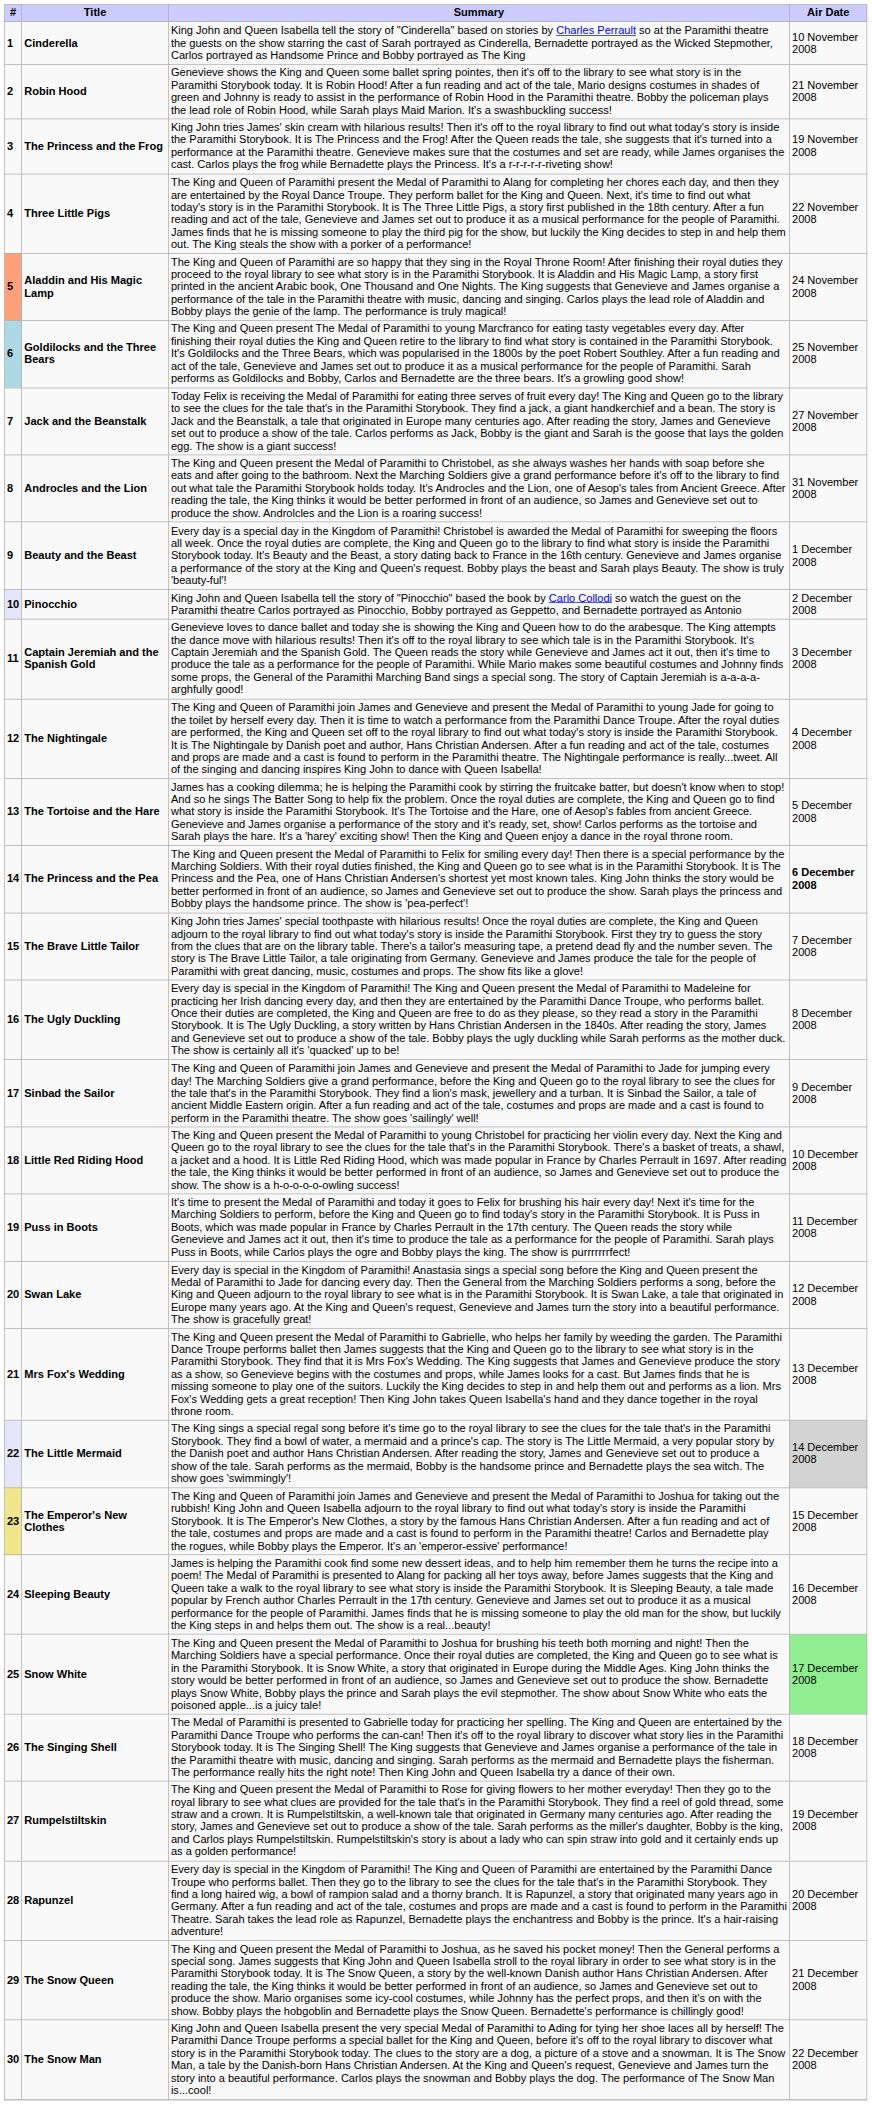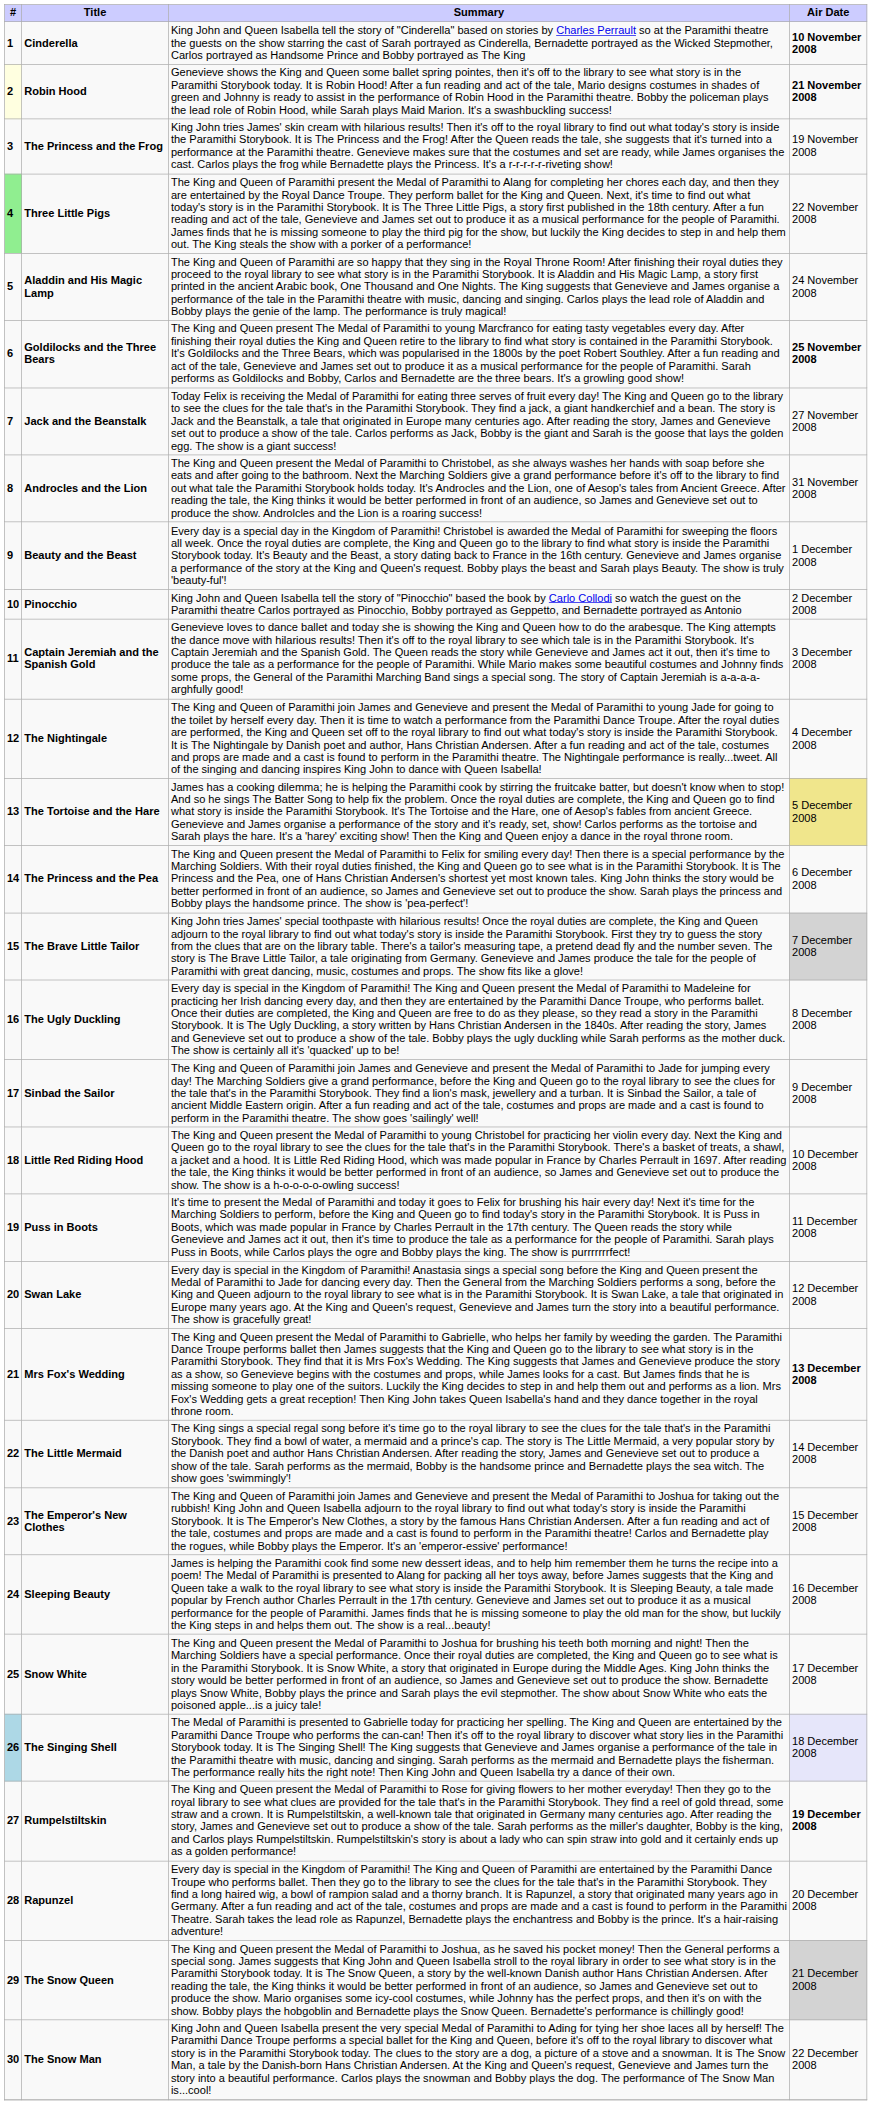 <table class="wikitable" style="width:99%;">
 <tr>
 <th style="background:#ccf; width:2%;"><strong>#</strong></th>
 <th style="background:#ccf; width:17%;"><strong>Title</strong></th>
 <th style="background:#ccf;"><strong>Summary</strong></th>
 <th style="background:#ccf; width:9%;"><strong>Air Date</strong></th>
 </tr>
 <tr>
 <td><strong>1</strong></td>
 <td><strong>Cinderella</strong></td>
 <td>King John and Queen Isabella tell the story of "Cinderella" based on stories by <a href='#'>Charles Perrault</a> so at the Paramithi theatre the guests on the show starring the cast of Sarah portrayed as Cinderella, Bernadette portrayed as the Wicked Stepmother, Carlos portrayed as Handsome Prince and Bobby portrayed as The King</td>
-<td>10 November 2008</td>
+<td><strong>10 November 2008</strong></td>
 </tr>
 <tr>
-<td><strong>2</strong></td>
+<td style="background: lightyellow;"><strong>2</strong></td>
 <td><strong>Robin Hood</strong></td>
 <td>Genevieve shows the King and Queen some ballet spring pointes, then it's off to the library to see what story is in the Paramithi Storybook today. It is Robin Hood! After a fun reading and act of the tale, Mario designs costumes in shades of green and Johnny is ready to assist in the performance of Robin Hood in the Paramithi theatre. Bobby the policeman plays the lead role of Robin Hood, while Sarah plays Maid Marion. It's a swashbuckling success!</td>
-<td>21 November 2008</td>
+<td><strong>21 November 2008</strong></td>
 </tr>
 <tr>
 <td><strong>3</strong></td>
 <td><strong>The Princess and the Frog</strong></td>
 <td>King John tries James' skin cream with hilarious results! Then it's off to the royal library to find out what today's story is inside the Paramithi Storybook. It is The Princess and the Frog! After the Queen reads the tale, she suggests that it's turned into a performance at the Paramithi theatre. Genevieve makes sure that the costumes and set are ready, while James organises the cast. Carlos plays the frog while Bernadette plays the Princess. It's a r‐r‐r‐r‐r‐riveting show!</td>
 <td>19 November 2008</td>
 </tr>
 <tr>
-<td><strong>4</strong></td>
+<td style="background: lightgreen;"><strong>4</strong></td>
 <td><strong>Three Little Pigs</strong></td>
 <td>The King and Queen of Paramithi present the Medal of Paramithi to Alang for completing her chores each day, and then they are entertained by the Royal Dance Troupe. They perform ballet for the King and Queen. Next, it's time to find out what today's story is in the Paramithi Storybook. It is The Three Little Pigs, a story first published in the 18th century. After a fun reading and act of the tale, Genevieve and James set out to produce it as a musical performance for the people of Paramithi. James finds that he is missing someone to play the third pig for the show, but luckily the King decides to step in and help them out. The King steals the show with a porker of a performance!</td>
 <td>22 November 2008</td>
 </tr>
 <tr>
-<td style="background: lightsalmon;"><strong>5</strong></td>
+<td><strong>5</strong></td>
 <td><strong>Aladdin and His Magic Lamp</strong></td>
 <td>The King and Queen of Paramithi are so happy that they sing in the Royal Throne Room! After finishing their royal duties they proceed to the royal library to see what story is in the Paramithi Storybook. It is Aladdin and His Magic Lamp, a story first printed in the ancient Arabic book, One Thousand and One Nights. The King suggests that Genevieve and James organise a performance of the tale in the Paramithi theatre with music, dancing and singing. Carlos plays the lead role of Aladdin and Bobby plays the genie of the lamp. The performance is truly magical!</td>
 <td>24 November 2008</td>
 </tr>
 <tr>
-<td style="background: lightblue;"><strong>6</strong></td>
+<td><strong>6</strong></td>
 <td><strong>Goldilocks and the Three Bears</strong></td>
 <td>The King and Queen present The Medal of Paramithi to young Marcfranco for eating tasty vegetables every day. After finishing their royal duties the King and Queen retire to the library to find what story is contained in the Paramithi Storybook. It's Goldilocks and the Three Bears, which was popularised in the 1800s by the poet Robert Southley. After a fun reading and act of the tale, Genevieve and James set out to produce it as a musical performance for the people of Paramithi. Sarah performs as Goldilocks and Bobby, Carlos and Bernadette are the three bears. It's a growling good show!</td>
-<td>25 November 2008</td>
+<td><strong>25 November 2008</strong></td>
 </tr>
 <tr>
 <td><strong>7</strong></td>
 <td><strong>Jack and the Beanstalk</strong></td>
 <td>Today Felix is receiving the Medal of Paramithi for eating three serves of fruit every day! The King and Queen go to the library to see the clues for the tale that's in the Paramithi Storybook. They find a jack, a giant handkerchief and a bean. The story is Jack and the Beanstalk, a tale that originated in Europe many centuries ago. After reading the story, James and Genevieve set out to produce a show of the tale. Carlos performs as Jack, Bobby is the giant and Sarah is the goose that lays the golden egg. The show is a giant success!</td>
 <td>27 November 2008</td>
 </tr>
 <tr>
 <td><strong>8</strong></td>
 <td><strong>Androcles and the Lion</strong></td>
 <td>The King and Queen present the Medal of Paramithi to Christobel, as she always washes her hands with soap before she eats and after going to the bathroom. Next the Marching Soldiers give a grand performance before it's off to the library to find out what tale the Paramithi Storybook holds today. It's Androcles and the Lion, one of Aesop's tales from Ancient Greece. After reading the tale, the King thinks it would be better performed in front of an audience, so James and Genevieve set out to produce the show. Androlcles and the Lion is a roaring success!</td>
 <td>31 November 2008</td>
 </tr>
 <tr>
 <td><strong>9</strong></td>
 <td><strong>Beauty and the Beast</strong></td>
 <td>Every day is a special day in the Kingdom of Paramithi! Christobel is awarded the Medal of Paramithi for sweeping the floors all week. Once the royal duties are complete, the King and Queen go to the library to find what story is inside the Paramithi Storybook today. It's Beauty and the Beast, a story dating back to France in the 16th century. Genevieve and James organise a performance of the story at the King and Queen's request. Bobby plays the beast and Sarah plays Beauty. The show is truly 'beauty‐ful'!</td>
 <td>1 December 2008</td>
 </tr>
 <tr>
-<td style="background: lavender;"><strong>10</strong></td>
+<td><strong>10</strong></td>
 <td><strong>Pinocchio</strong></td>
 <td>King John and Queen Isabella tell the story of "Pinocchio" based the book by <a href='#'>Carlo Collodi</a> so watch the guest on the Paramithi theatre Carlos portrayed as Pinocchio, Bobby portrayed as Geppetto, and Bernadette portrayed as Antonio</td>
 <td>2 December 2008</td>
 </tr>
 <tr>
 <td><strong>11</strong></td>
 <td><strong>Captain Jeremiah and the Spanish Gold</strong></td>
 <td>Genevieve loves to dance ballet and today she is showing the King and Queen how to do the arabesque. The King attempts the dance move with hilarious results! Then it's off to the royal library to see which tale is in the Paramithi Storybook. It's Captain Jeremiah and the Spanish Gold. The Queen reads the story while Genevieve and James act it out, then it's time to produce the tale as a performance for the people of Paramithi. While Mario makes some beautiful costumes and Johnny finds some props, the General of the Paramithi Marching Band sings a special song. The story of Captain Jeremiah is a‐a‐a‐a‐arghfully good!</td>
 <td>3 December 2008</td>
 </tr>
 <tr>
 <td><strong>12</strong></td>
 <td><strong>The Nightingale</strong></td>
 <td>The King and Queen of Paramithi join James and Genevieve and present the Medal of Paramithi to young Jade for going to the toilet by herself every day. Then it is time to watch a performance from the Paramithi Dance Troupe. After the royal duties are performed, the King and Queen set off to the royal library to find out what today's story is inside the Paramithi Storybook. It is The Nightingale by Danish poet and author, Hans Christian Andersen. After a fun reading and act of the tale, costumes and props are made and a cast is found to perform in the Paramithi theatre. The Nightingale performance is really...tweet. All of the singing and dancing inspires King John to dance with Queen Isabella!</td>
 <td>4 December 2008</td>
 </tr>
 <tr>
 <td><strong>13</strong></td>
 <td><strong>The Tortoise and the Hare</strong></td>
 <td>James has a cooking dilemma; he is helping the Paramithi cook by stirring the fruitcake batter, but doesn't know when to stop! And so he sings The Batter Song to help fix the problem. Once the royal duties are complete, the King and Queen go to find what story is inside the Paramithi Storybook. It's The Tortoise and the Hare, one of Aesop's fables from ancient Greece. Genevieve and James organise a performance of the story and it's ready, set, show! Carlos performs as the tortoise and Sarah plays the hare. It's a 'harey' exciting show! Then the King and Queen enjoy a dance in the royal throne room.</td>
-<td>5 December 2008</td>
+<td style="background: khaki;">5 December 2008</td>
 </tr>
 <tr>
 <td><strong>14</strong></td>
 <td><strong>The Princess and the Pea</strong></td>
 <td>The King and Queen present the Medal of Paramithi to Felix for smiling every day! Then there is a special performance by the Marching Soldiers. With their royal duties finished, the King and Queen go to see what is in the Paramithi Storybook. It is The Princess and the Pea, one of Hans Christian Andersen's shortest yet most known tales. King John thinks the story would be better performed in front of an audience, so James and Genevieve set out to produce the show. Sarah plays the princess and Bobby plays the handsome prince. The show is 'pea‐perfect'!</td>
-<td><strong>6 December 2008</strong></td>
+<td>6 December 2008</td>
 </tr>
 <tr>
 <td><strong>15</strong></td>
 <td><strong>The Brave Little Tailor</strong></td>
 <td>King John tries James' special toothpaste with hilarious results! Once the royal duties are complete, the King and Queen adjourn to the royal library to find out what today's story is inside the Paramithi Storybook. First they try to guess the story from the clues that are on the library table. There's a tailor's measuring tape, a pretend dead fly and the number seven. The story is The Brave Little Tailor, a tale originating from Germany. Genevieve and James produce the tale for the people of Paramithi with great dancing, music, costumes and props. The show fits like a glove!</td>
-<td>7 December 2008</td>
+<td style="background: lightgrey;">7 December 2008</td>
 </tr>
 <tr>
 <td><strong>16</strong></td>
 <td><strong>The Ugly Duckling</strong></td>
 <td>Every day is special in the Kingdom of Paramithi! The King and Queen present the Medal of Paramithi to Madeleine for practicing her Irish dancing every day, and then they are entertained by the Paramithi Dance Troupe, who performs ballet. Once their duties are completed, the King and Queen are free to do as they please, so they read a story in the Paramithi Storybook. It is The Ugly Duckling, a story written by Hans Christian Andersen in the 1840s. After reading the story, James and Genevieve set out to produce a show of the tale. Bobby plays the ugly duckling while Sarah performs as the mother duck. The show is certainly all it's 'quacked' up to be!</td>
 <td>8 December 2008</td>
 </tr>
 <tr>
 <td><strong>17</strong></td>
 <td><strong>Sinbad the Sailor</strong></td>
 <td>The King and Queen of Paramithi join James and Genevieve and present the Medal of Paramithi to Jade for jumping every day! The Marching Soldiers give a grand performance, before the King and Queen go to the royal library to see the clues for the tale that's in the Paramithi Storybook. They find a lion's mask, jewellery and a turban. It is Sinbad the Sailor, a tale of ancient Middle Eastern origin. After a fun reading and act of the tale, costumes and props are made and a cast is found to perform in the Paramithi theatre. The show goes 'sailingly' well!</td>
 <td>9 December 2008</td>
 </tr>
 <tr>
 <td><strong>18</strong></td>
 <td><strong>Little Red Riding Hood</strong></td>
 <td>The King and Queen present the Medal of Paramithi to young Christobel for practicing her violin every day. Next the King and Queen go to the royal library to see the clues for the tale that's in the Paramithi Storybook. There's a basket of treats, a shawl, a jacket and a hood. It is Little Red Riding Hood, which was made popular in France by Charles Perrault in 1697. After reading the tale, the King thinks it would be better performed in front of an audience, so James and Genevieve set out to produce the show. The show is a h‐o‐o‐o‐o‐owling success!</td>
 <td>10 December 2008</td>
 </tr>
 <tr>
 <td><strong>19</strong></td>
 <td><strong>Puss in Boots</strong></td>
 <td>It's time to present the Medal of Paramithi and today it goes to Felix for brushing his hair every day! Next it's time for the Marching Soldiers to perform, before the King and Queen go to find today's story in the Paramithi Storybook. It is Puss in Boots, which was made popular in France by Charles Perrault in the 17th century. The Queen reads the story while Genevieve and James act it out, then it's time to produce the tale as a performance for the people of Paramithi. Sarah plays Puss in Boots, while Carlos plays the ogre and Bobby plays the king. The show is purrrrrrrfect!</td>
 <td>11 December 2008</td>
 </tr>
 <tr>
 <td><strong>20</strong></td>
 <td><strong>Swan Lake</strong></td>
 <td>Every day is special in the Kingdom of Paramithi! Anastasia sings a special song before the King and Queen present the Medal of Paramithi to Jade for dancing every day. Then the General from the Marching Soldiers performs a song, before the King and Queen adjourn to the royal library to see what is in the Paramithi Storybook. It is Swan Lake, a tale that originated in Europe many years ago. At the King and Queen's request, Genevieve and James turn the story into a beautiful performance. The show is gracefully great!</td>
 <td>12 December 2008</td>
 </tr>
 <tr>
 <td><strong>21</strong></td>
 <td><strong>Mrs Fox's Wedding</strong></td>
 <td>The King and Queen present the Medal of Paramithi to Gabrielle, who helps her family by weeding the garden. The Paramithi Dance Troupe performs ballet then James suggests that the King and Queen go to the library to see what story is in the Paramithi Storybook. They find that it is Mrs Fox's Wedding. The King suggests that James and Genevieve produce the story as a show, so Genevieve begins with the costumes and props, while James looks for a cast. But James finds that he is missing someone to play one of the suitors. Luckily the King decides to step in and help them out and performs as a lion. Mrs Fox's Wedding gets a great reception! Then King John takes Queen Isabella's hand and they dance together in the royal throne room.</td>
-<td>13 December 2008</td>
+<td><strong>13 December 2008</strong></td>
 </tr>
 <tr>
-<td style="background: lavender;"><strong>22</strong></td>
+<td><strong>22</strong></td>
 <td><strong>The Little Mermaid</strong></td>
 <td>The King sings a special regal song before it's time go to the royal library to see the clues for the tale that's in the Paramithi Storybook. They find a bowl of water, a mermaid and a prince's cap. The story is The Little Mermaid, a very popular story by the Danish poet and author Hans Christian Andersen. After reading the story, James and Genevieve set out to produce a show of the tale. Sarah performs as the mermaid, Bobby is the handsome prince and Bernadette plays the sea witch. The show goes 'swimmingly'!</td>
-<td style="background: lightgrey;">14 December 2008</td>
+<td>14 December 2008</td>
 </tr>
 <tr>
-<td style="background: khaki;"><strong>23</strong></td>
+<td><strong>23</strong></td>
 <td><strong>The Emperor's New Clothes</strong></td>
 <td>The King and Queen of Paramithi join James and Genevieve and present the Medal of Paramithi to Joshua for taking out the rubbish! King John and Queen Isabella adjourn to the royal library to find out what today's story is inside the Paramithi Storybook. It is The Emperor's New Clothes, a story by the famous Hans Christian Andersen. After a fun reading and act of the tale, costumes and props are made and a cast is found to perform in the Paramithi theatre! Carlos and Bernadette play the rogues, while Bobby plays the Emperor. It's an 'emperor‐essive' performance!</td>
 <td>15 December 2008</td>
 </tr>
 <tr>
 <td><strong>24</strong></td>
 <td><strong>Sleeping Beauty</strong></td>
 <td>James is helping the Paramithi cook find some new dessert ideas, and to help him remember them he turns the recipe into a poem! The Medal of Paramithi is presented to Alang for packing all her toys away, before James suggests that the King and Queen take a walk to the royal library to see what story is inside the Paramithi Storybook. It is Sleeping Beauty, a tale made popular by French author Charles Perrault in the 17th century. Genevieve and James set out to produce it as a musical performance for the people of Paramithi. James finds that he is missing someone to play the old man for the show, but luckily the King steps in and helps them out. The show is a real...beauty!</td>
 <td>16 December 2008</td>
 </tr>
 <tr>
 <td><strong>25</strong></td>
 <td><strong>Snow White</strong></td>
 <td>The King and Queen present the Medal of Paramithi to Joshua for brushing his teeth both morning and night! Then the Marching Soldiers have a special performance. Once their royal duties are completed, the King and Queen go to see what is in the Paramithi Storybook. It is Snow White, a story that originated in Europe during the Middle Ages. King John thinks the story would be better performed in front of an audience, so James and Genevieve set out to produce the show. Bernadette plays Snow White, Bobby plays the prince and Sarah plays the evil stepmother. The show about Snow White who eats the poisoned apple...is a juicy tale!</td>
-<td style="background: lightgreen;">17 December 2008</td>
+<td>17 December 2008</td>
 </tr>
 <tr>
-<td><strong>26</strong></td>
+<td style="background: lightblue;"><strong>26</strong></td>
 <td><strong>The Singing Shell</strong></td>
 <td>The Medal of Paramithi is presented to Gabrielle today for practicing her spelling. The King and Queen are entertained by the Paramithi Dance Troupe who performs the can-can! Then it's off to the royal library to discover what story lies in the Paramithi Storybook today. It is The Singing Shell! The King suggests that Genevieve and James organise a performance of the tale in the Paramithi theatre with music, dancing and singing. Sarah performs as the mermaid and Bernadette plays the fisherman. The performance really hits the right note! Then King John and Queen Isabella try a dance of their own.</td>
-<td>18 December 2008</td>
+<td style="background: lavender;">18 December 2008</td>
 </tr>
 <tr>
 <td><strong>27</strong></td>
 <td><strong>Rumpelstiltskin</strong></td>
 <td>The King and Queen present the Medal of Paramithi to Rose for giving flowers to her mother everyday! Then they go to the royal library to see what clues are provided for the tale that's in the Paramithi Storybook. They find a reel of gold thread, some straw and a crown. It is Rumpelstiltskin, a well‐known tale that originated in Germany many centuries ago. After reading the story, James and Genevieve set out to produce a show of the tale. Sarah performs as the miller's daughter, Bobby is the king, and Carlos plays Rumpelstiltskin. Rumpelstiltskin's story is about a lady who can spin straw into gold and it certainly ends up as a golden performance!</td>
-<td>19 December 2008</td>
+<td><strong>19 December 2008</strong></td>
 </tr>
 <tr>
 <td><strong>28</strong></td>
 <td><strong>Rapunzel</strong></td>
 <td>Every day is special in the Kingdom of Paramithi! The King and Queen of Paramithi are entertained by the Paramithi Dance Troupe who performs ballet. Then they go to the library to see the clues for the tale that's in the Paramithi Storybook. They find a long haired wig, a bowl of rampion salad and a thorny branch. It is Rapunzel, a story that originated many years ago in Germany. After a fun reading and act of the tale, costumes and props are made and a cast is found to perform in the Paramithi Theatre. Sarah takes the lead role as Rapunzel, Bernadette plays the enchantress and Bobby is the prince. It's a hair‐raising adventure!</td>
 <td>20 December 2008</td>
 </tr>
 <tr>
 <td><strong>29</strong></td>
 <td><strong>The Snow Queen</strong></td>
 <td>The King and Queen present the Medal of Paramithi to Joshua, as he saved his pocket money! Then the General performs a special song. James suggests that King John and Queen Isabella stroll to the royal library in order to see what story is in the Paramithi Storybook today. It is The Snow Queen, a story by the well‐known Danish author Hans Christian Andersen. After reading the tale, the King thinks it would be better performed in front of an audience, so James and Genevieve set out to produce the show. Mario organises some icy‐cool costumes, while Johnny has the perfect props, and then it's on with the show. Bobby plays the hobgoblin and Bernadette plays the Snow Queen. Bernadette's performance is chillingly good!</td>
-<td>21 December 2008</td>
+<td style="background: lightgrey;">21 December 2008</td>
 </tr>
 <tr>
 <td><strong>30</strong></td>
 <td><strong>The Snow Man</strong></td>
 <td>King John and Queen Isabella present the very special Medal of Paramithi to Ading for tying her shoe laces all by herself! The Paramithi Dance Troupe performs a special ballet for the King and Queen, before it's off to the royal library to discover what story is in the Paramithi Storybook today. The clues to the story are a dog, a picture of a stove and a snowman. It is The Snow Man, a tale by the Danish‐born Hans Christian Andersen. At the King and Queen's request, Genevieve and James turn the story into a beautiful performance. Carlos plays the snowman and Bobby plays the dog. The performance of The Snow Man is...cool!</td>
 <td>22 December 2008</td>
 </tr>
 <tr>
 </tr>
 </table>
